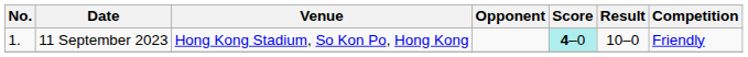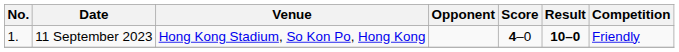 <table class="wikitable">
 <tr>
 <th>No.</th>
 <th>Date</th>
 <th>Venue</th>
 <th>Opponent</th>
 <th>Score</th>
 <th>Result</th>
 <th>Competition</th>
 </tr>
 <tr>
 <td>1.</td>
 <td>11 September 2023</td>
 <td><a href='#'>Hong Kong Stadium</a>, <a href='#'>So Kon Po</a>, <a href='#'>Hong Kong</a></td>
 <td></td>
-<td align=center style="background: paleturquoise;"><strong>4</strong>–0</td>
-<td align=center>10–0</td>
+<td align=center><strong>4</strong>–0</td>
+<td align=center><strong>10–0</strong></td>
 <td><a href='#'>Friendly</a></td>
 </tr>
 <tr>
 </tr>
 </table>
